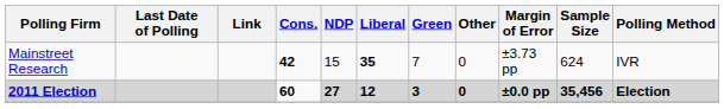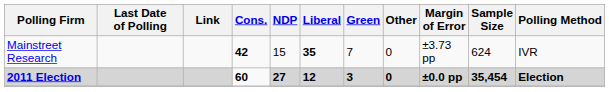 <table class="wikitable sortable">
 <tr style="background:#e9e9e9;">
 <th style="width:120px">Polling Firm</th>
 <th style="width:110px">Last Date<br>of Polling</th>
 <th style="width:60px" class="unsortable">Link</th>
 <th style="background-color:"><strong><a href='#'>Cons.</a></strong></th>
 <th style="background-color:"><strong><a href='#'>NDP</a></strong></th>
 <th style="background-color:"><strong><a href='#'>Liberal</a></strong></th>
 <th style="background-color:"><strong><a href='#'>Green</a></strong></th>
 <th style="background-color:"><strong>Other</strong></th>
 <th style="width:60px;" class=unsortable>Margin<br>of Error</th>
 <th style="width:50px;" class=unsortable>Sample<br>Size</th>
 <th class=unsortable>Polling Method</th>
 </tr>
 <tr>
 <td><a href='#'>Mainstreet Research</a></td>
 <td></td>
 <td></td>
 <td><strong>42</strong></td>
 <td>15</td>
 <td><strong>35</strong></td>
 <td>7</td>
 <td>0</td>
 <td>±3.73 pp</td>
 <td>624</td>
 <td>IVR</td>
 </tr>
 <tr>
 <td style="background:#D5D5D5"><strong><a href='#'>2011 Election</a></strong></td>
 <td style="background:#D5D5D5"><strong></strong></td>
 <td style="background:#D5D5D5"></td>
 <td><strong>60</strong></td>
 <td style="background:#D5D5D5"><strong>27</strong></td>
 <td style="background:#D5D5D5"><strong>12</strong></td>
 <td style="background:#D5D5D5"><strong>3</strong></td>
 <td style="background:#D5D5D5"><strong>0</strong></td>
 <td style="background:#D5D5D5"><strong>±0.0 pp</strong></td>
-<td style="background:#D5D5D5"><strong>35,456</strong></td>
+<td style="background:#D5D5D5"><strong>35,454</strong></td>
 <td style="background:#D5D5D5"><strong>Election</strong></td>
 </tr>
 <tr>
 </tr>
 <tr>
 </tr>
 </table>
